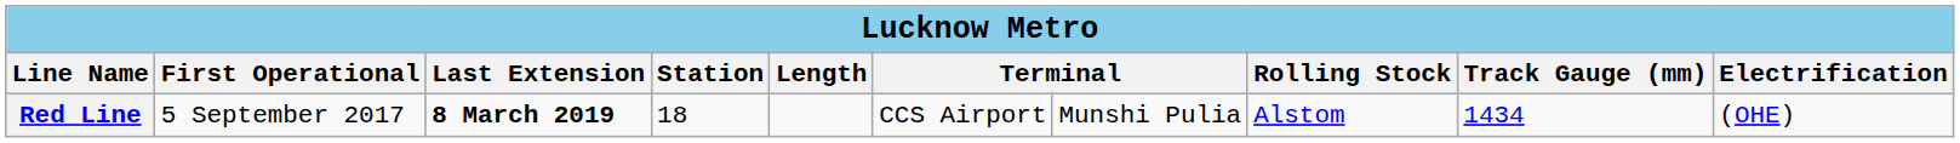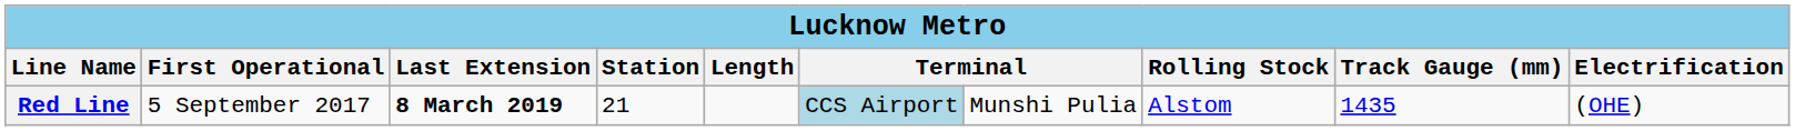 <table class="wikitable">
 <tr>
 <th style="background:#87CEEB;" colspan="11"><big>Lucknow Metro</big></th>
 </tr>
 <tr>
 <th>Line Name</th>
 <th>First Operational</th>
 <th>Last Extension</th>
 <th>Station</th>
 <th>Length</th>
 <th colspan="2">Terminal</th>
 <th>Rolling Stock</th>
 <th>Track Gauge (mm)</th>
 <th>Electrification</th>
 </tr>
 <tr>
 <th style="background:#"><a href='#'><span>Red Line</span></a></th>
 <td>5 September 2017</td>
 <td><strong>8 March 2019</strong></td>
-<td>18</td>
+<td>21</td>
 <td></td>
-<td>CCS Airport</td>
+<td style="background: lightblue;">CCS Airport</td>
 <td>Munshi Pulia</td>
 <td><a href='#'>Alstom</a></td>
-<td><a href='#'>1434</a></td>
+<td><a href='#'>1435</a></td>
 <td> (<a href='#'>OHE</a>)</td>
 </tr>
 </table>
